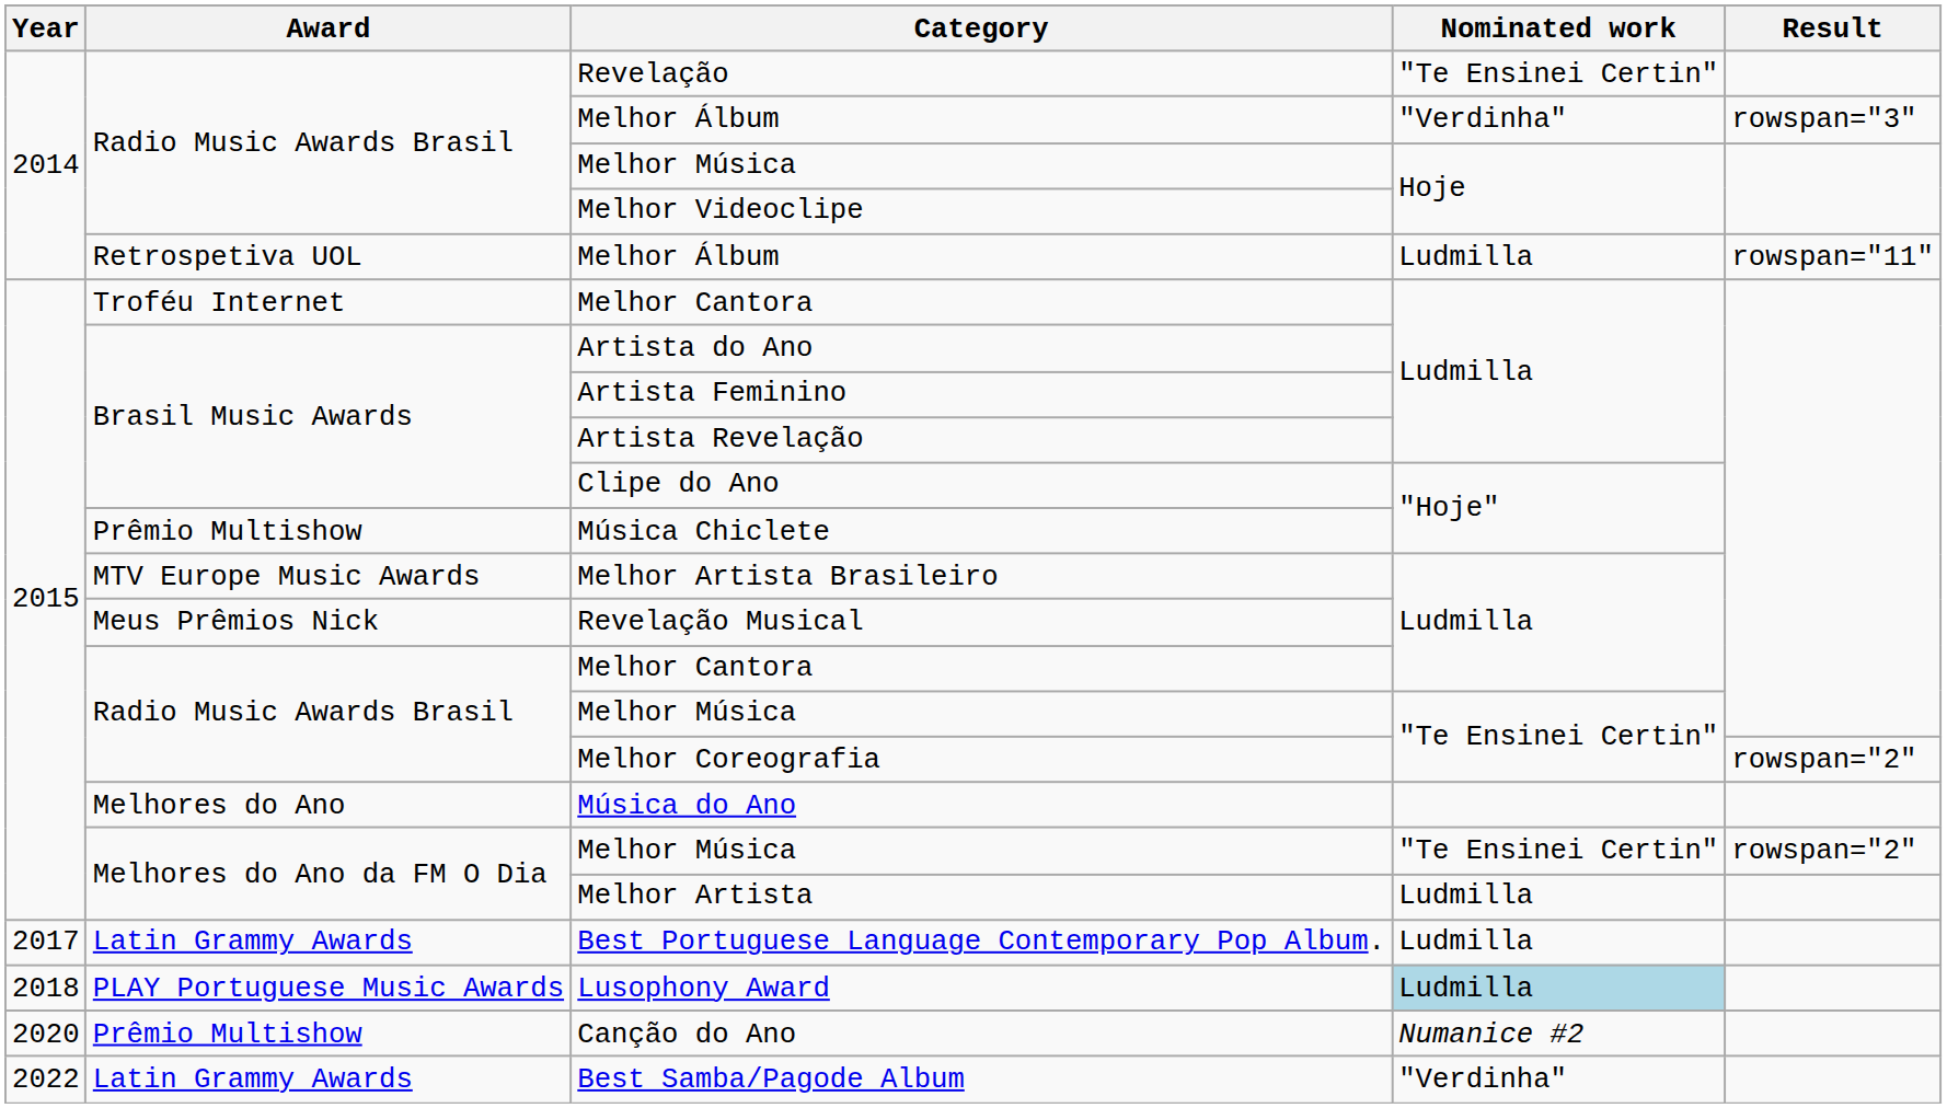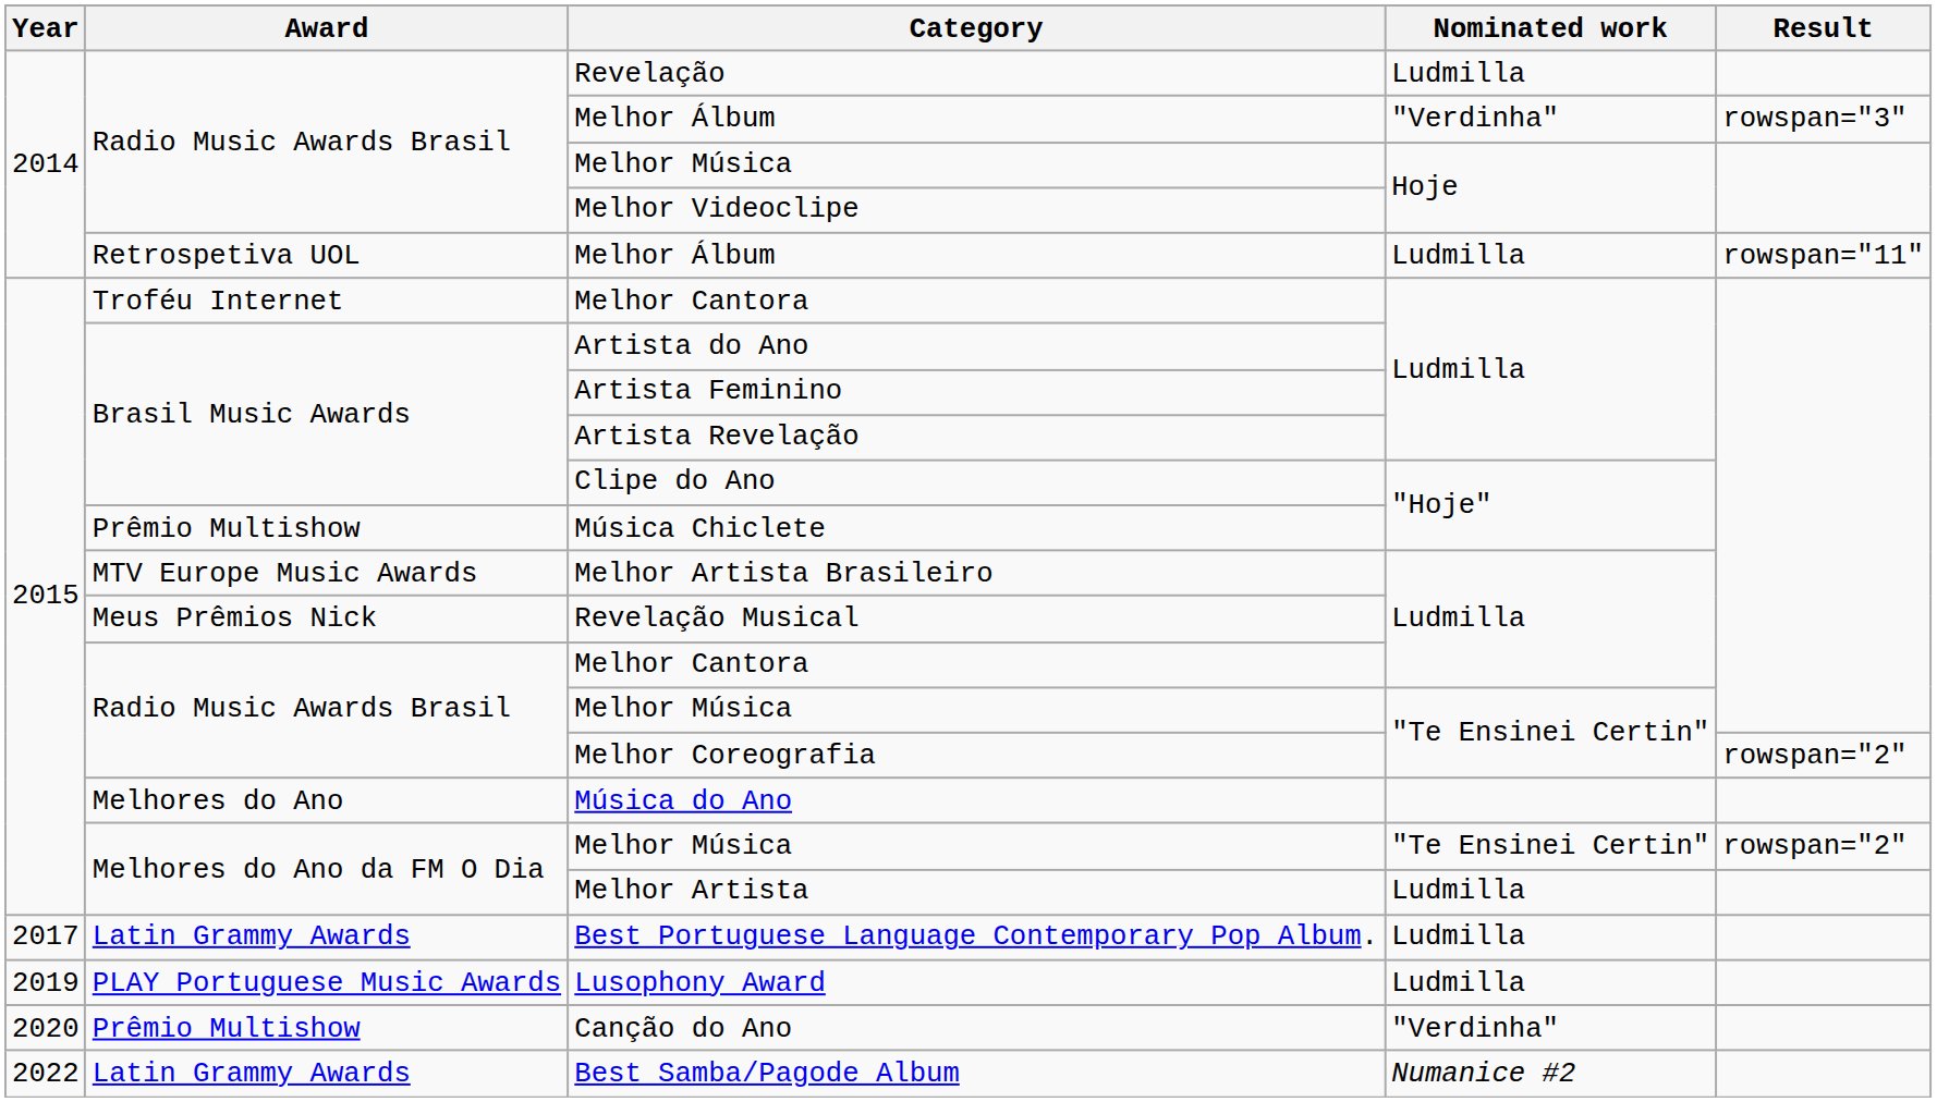 <table class="wikitable">
 <tr>
 <th>Year</th>
 <th>Award</th>
 <th>Category</th>
 <th>Nominated work</th>
 <th>Result</th>
 </tr>
 <tr>
 <td rowspan="5">2014</td>
 <td rowspan="4">Radio Music Awards Brasil</td>
 <td>Revelação</td>
-<td>"Te Ensinei Certin"</td>
+<td>Ludmilla</td>
 <td></td>
 </tr>
 <tr>
 <td>Melhor Álbum</td>
 <td>"Verdinha"</td>
 <td>rowspan="3" </td>
 </tr>
 <tr>
 <td>Melhor Música</td>
 <td rowspan="2">Hoje</td>
 </tr>
 <tr>
 <td>Melhor Videoclipe</td>
 </tr>
 <tr>
 <td>Retrospetiva UOL</td>
 <td>Melhor Álbum</td>
 <td>Ludmilla</td>
 <td>rowspan="11" </td>
 </tr>
 <tr>
 <td rowspan="14">2015</td>
 <td>Troféu Internet</td>
 <td>Melhor Cantora</td>
 <td rowspan="4">Ludmilla</td>
 </tr>
 <tr>
 <td rowspan="4">Brasil Music Awards</td>
 <td>Artista do Ano</td>
 </tr>
 <tr>
 <td>Artista Feminino</td>
 </tr>
 <tr>
 <td>Artista Revelação</td>
 </tr>
 <tr>
 <td>Clipe do Ano</td>
 <td rowspan="2">"Hoje"</td>
 </tr>
 <tr>
 <td>Prêmio Multishow</td>
 <td>Música Chiclete</td>
 </tr>
 <tr>
 <td>MTV Europe Music Awards</td>
 <td>Melhor Artista Brasileiro</td>
 <td rowspan="3">Ludmilla</td>
 </tr>
 <tr>
 <td>Meus Prêmios Nick</td>
 <td>Revelação Musical</td>
 </tr>
 <tr>
 <td rowspan="3">Radio Music Awards Brasil</td>
 <td>Melhor Cantora</td>
 </tr>
 <tr>
 <td>Melhor Música</td>
 <td rowspan="2">"Te Ensinei Certin"</td>
 </tr>
 <tr>
 <td>Melhor Coreografia</td>
 <td>rowspan="2" </td>
 </tr>
 <tr>
 <td>Melhores do Ano</td>
 <td><a href='#'>Música do Ano</a></td>
 <td></td>
 </tr>
 <tr>
 <td rowspan="2">Melhores do Ano da FM O Dia</td>
 <td>Melhor Música</td>
 <td>"Te Ensinei Certin"</td>
 <td>rowspan="2" </td>
 </tr>
 <tr>
 <td>Melhor Artista</td>
 <td>Ludmilla</td>
 </tr>
 <tr>
 <td>2017</td>
 <td><a href='#'>Latin Grammy Awards</a></td>
 <td><a href='#'>Best Portuguese Language Contemporary Pop Album</a>.</td>
 <td>Ludmilla</td>
 <td></td>
 </tr>
 <tr>
-<td>2018</td>
+<td>2019</td>
 <td><a href='#'>PLAY Portuguese Music Awards</a></td>
 <td><a href='#'>Lusophony Award</a></td>
-<td style="background: lightblue;">Ludmilla</td>
+<td>Ludmilla</td>
 <td></td>
 </tr>
 <tr>
 <td>2020</td>
 <td><a href='#'>Prêmio Multishow</a></td>
 <td>Canção do Ano</td>
-<td><em>Numanice #2</em></td>
+<td>"Verdinha"</td>
 <td></td>
 </tr>
 <tr>
 <td>2022</td>
 <td><a href='#'>Latin Grammy Awards</a></td>
 <td><a href='#'>Best Samba/Pagode Album</a></td>
-<td>"Verdinha"</td>
+<td><em>Numanice #2</em></td>
 <td></td>
 </tr>
 </table>
